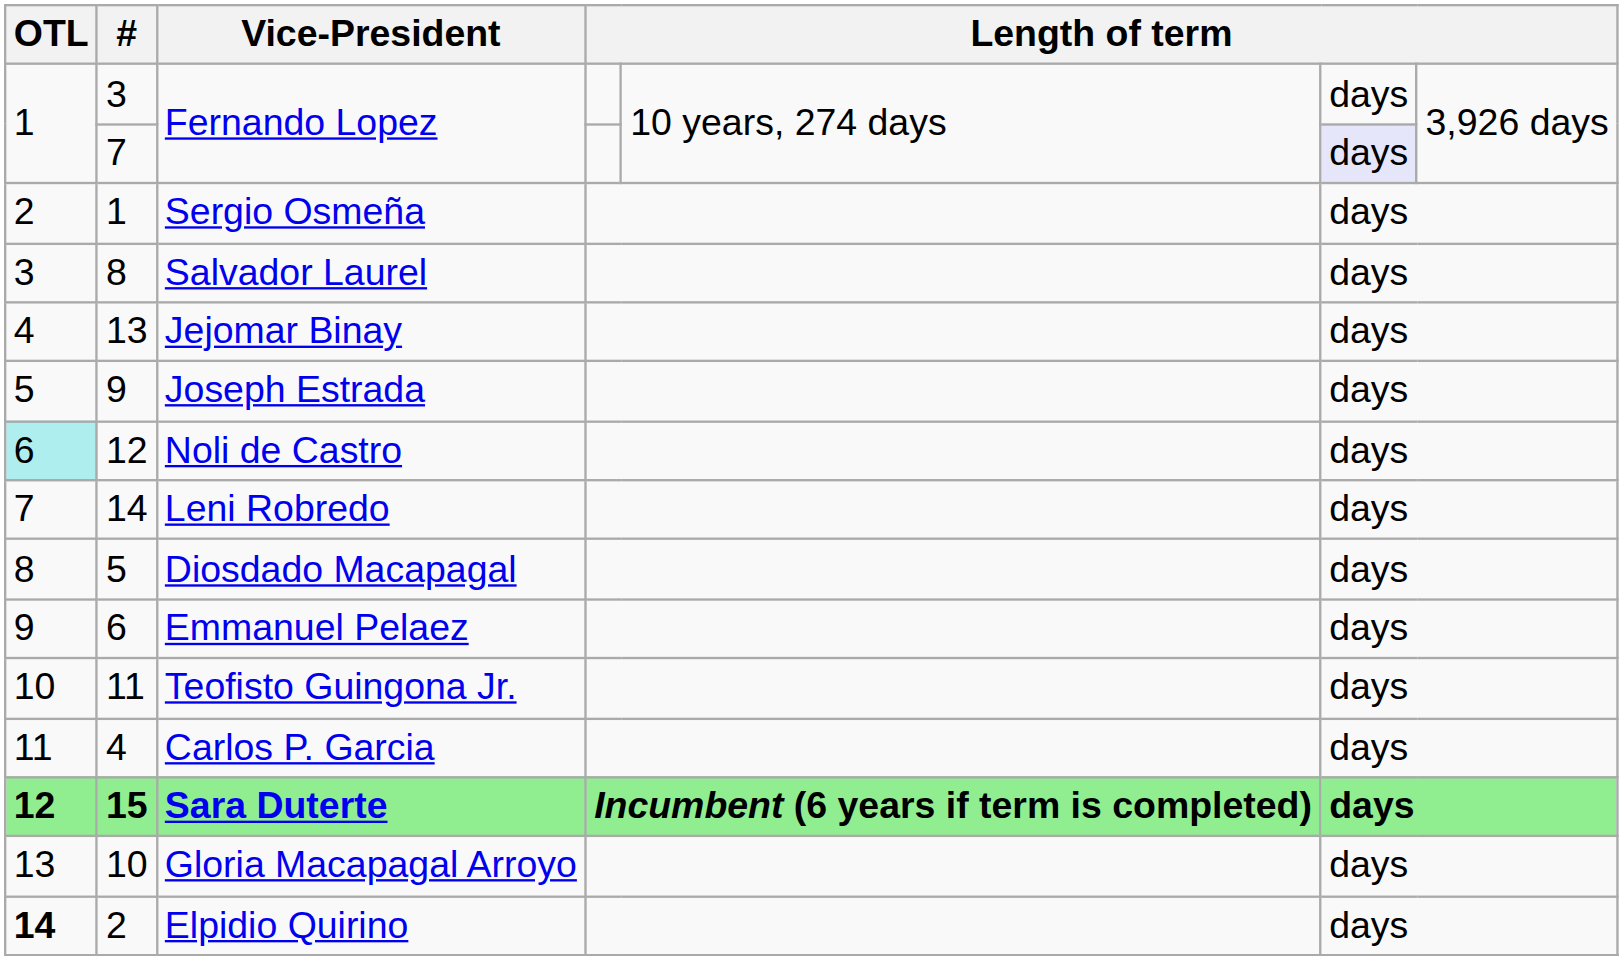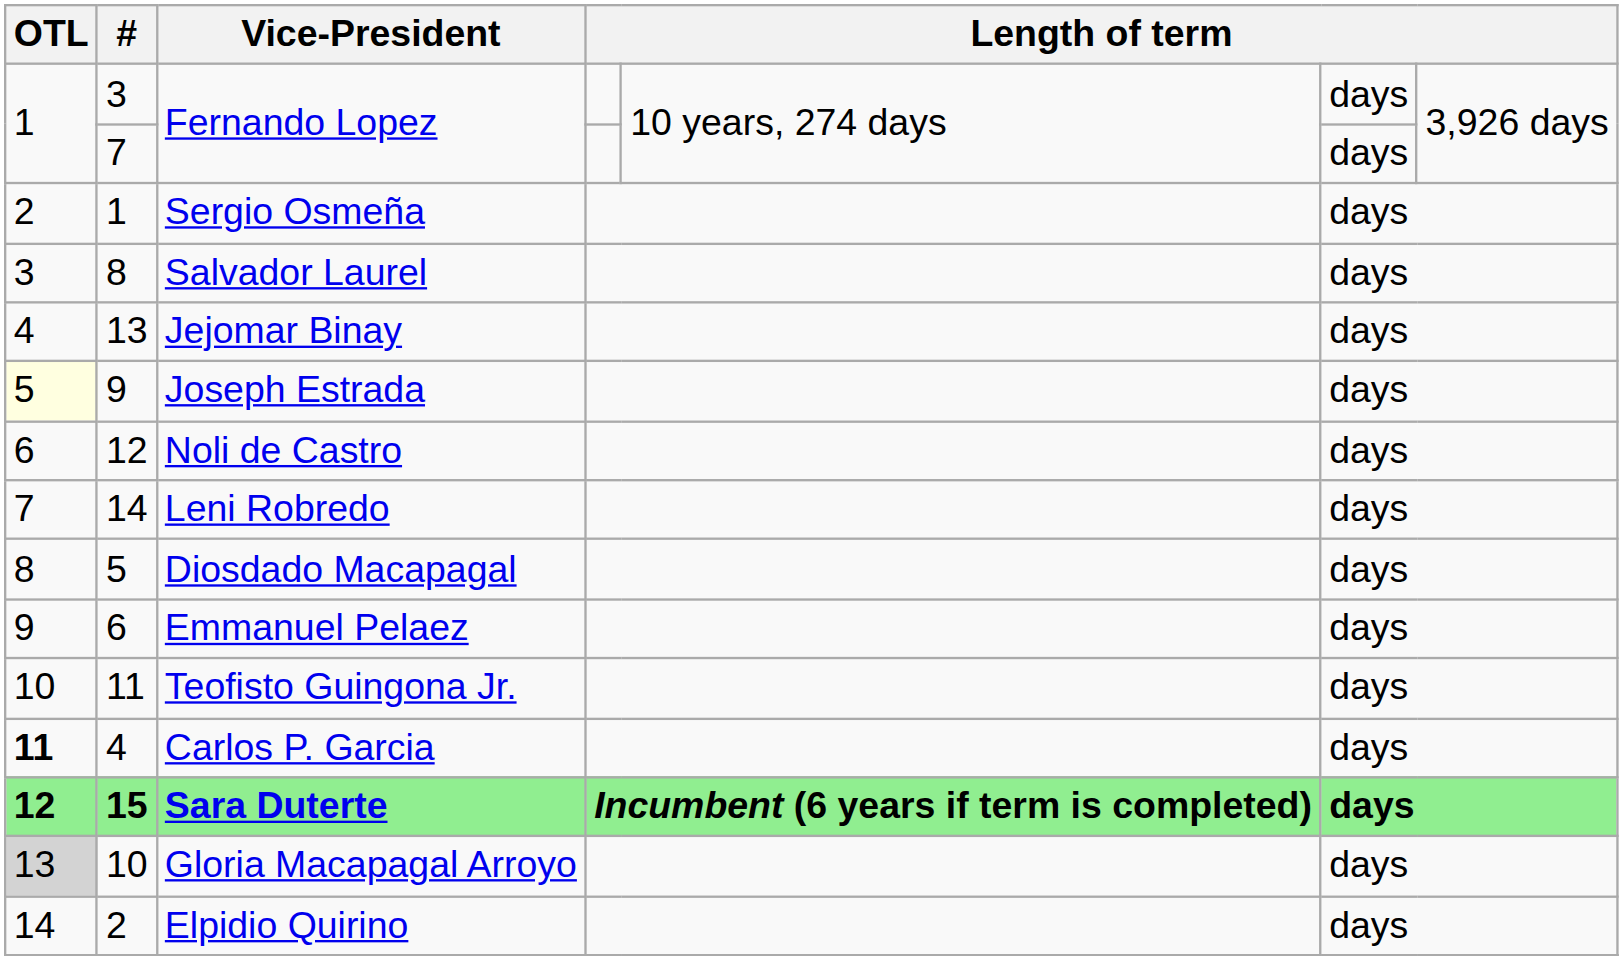 <table class="wikitable sortable">
 <tr>
 <th>OTL</th>
 <th>#</th>
 <th>Vice-President</th>
 <th colspan=4>Length of term</th>
 </tr>
 <tr>
 <td rowspan=2>1</td>
 <td>3</td>
 <td rowspan=2><a href='#'>Fernando Lopez</a></td>
 <td></td>
 <td rowspan=2>10 years, 274 days</td>
 <td> days</td>
 <td rowspan=2>3,926 days</td>
 </tr>
 <tr>
 <td>7</td>
 <td></td>
-<td style="background: lavender;"> days</td>
+<td> days</td>
 </tr>
 <tr>
 <td>2</td>
 <td>1</td>
 <td><a href='#'>Sergio Osmeña</a></td>
 <td colspan=2></td>
 <td colspan=2> days</td>
 </tr>
 <tr>
 <td>3</td>
 <td>8</td>
 <td><a href='#'>Salvador Laurel</a></td>
 <td colspan=2></td>
 <td colspan=2> days</td>
 </tr>
 <tr>
 <td>4</td>
 <td>13</td>
 <td><a href='#'>Jejomar Binay</a></td>
 <td colspan=2></td>
 <td colspan=2> days</td>
 </tr>
 <tr>
-<td>5</td>
+<td style="background: lightyellow;">5</td>
 <td>9</td>
 <td><a href='#'>Joseph Estrada</a></td>
 <td colspan=2></td>
 <td colspan=2> days</td>
 </tr>
 <tr>
-<td style="background: paleturquoise;">6</td>
+<td>6</td>
 <td>12</td>
 <td><a href='#'>Noli de Castro</a></td>
 <td colspan=2></td>
 <td colspan=2> days</td>
 </tr>
 <tr>
 <td>7</td>
 <td>14</td>
 <td><a href='#'>Leni Robredo</a></td>
 <td colspan=2></td>
 <td colspan=2> days</td>
 </tr>
 <tr>
 <td>8</td>
 <td>5</td>
 <td><a href='#'>Diosdado Macapagal</a></td>
 <td colspan=2></td>
 <td colspan=2> days</td>
 </tr>
 <tr>
 <td>9</td>
 <td>6</td>
 <td><a href='#'>Emmanuel Pelaez</a></td>
 <td colspan=2></td>
 <td colspan=2> days</td>
 </tr>
 <tr>
 <td>10</td>
 <td>11</td>
 <td><a href='#'>Teofisto Guingona Jr.</a></td>
 <td colspan=2></td>
 <td colspan=2> days</td>
 </tr>
 <tr>
-<td>11</td>
+<td><strong>11</strong></td>
 <td>4</td>
 <td><a href='#'>Carlos P. Garcia</a></td>
 <td colspan=2></td>
 <td colspan=2> days</td>
 </tr>
 <tr>
 <td style="background-color:lightgreen;"><strong>12</strong></td>
 <td style="background-color:lightgreen;"><strong>15</strong></td>
 <td style="background-color:lightgreen;"><strong><a href='#'>Sara Duterte</a></strong></td>
 <td style="background-color:lightgreen;" colspan=2><strong> <em>Incumbent</em> (6 years if term is completed)</strong></td>
 <td style="background-color:lightgreen;"  colspan=2><strong> days</strong></td>
 </tr>
 <tr>
-<td>13</td>
+<td style="background: lightgrey;">13</td>
 <td>10</td>
 <td><a href='#'>Gloria Macapagal Arroyo</a></td>
 <td colspan=2></td>
 <td colspan=2> days</td>
 </tr>
 <tr>
-<td><strong>14</strong></td>
+<td>14</td>
 <td>2</td>
 <td><a href='#'>Elpidio Quirino</a></td>
 <td colspan=2></td>
 <td colspan=2> days</td>
 </tr>
 <tr>
 </tr>
 </table>
